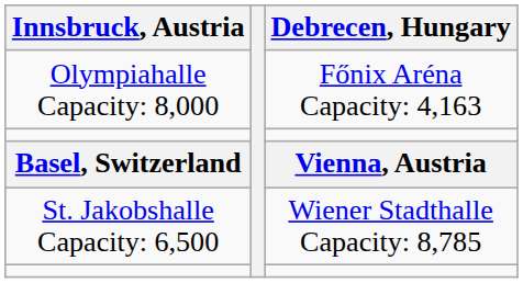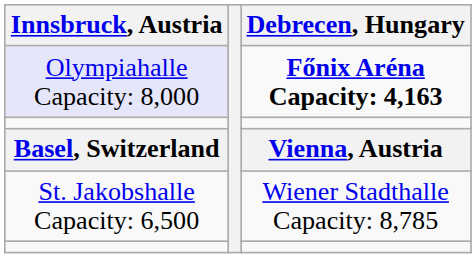 <table class="wikitable" style="text-align: center;">
 <tr>
 <th> <a href='#'>Innsbruck</a>, Austria</th>
 <th rowspan=6></th>
 <th> <a href='#'>Debrecen</a>, Hungary</th>
 </tr>
 <tr>
-<td><a href='#'>Olympiahalle</a><br>Capacity: 8,000</td>
-<td><a href='#'>Főnix Aréna</a><br>Capacity: 4,163</td>
+<td style="background: lavender;"><a href='#'>Olympiahalle</a><br>Capacity: 8,000</td>
+<td><strong><a href='#'>Főnix Aréna</a><br>Capacity: 4,163</strong></td>
 </tr>
 <tr>
 <td></td>
 <td></td>
 </tr>
 <tr>
 <th> <a href='#'>Basel</a>, Switzerland</th>
 <th> <a href='#'>Vienna</a>, Austria</th>
 </tr>
 <tr>
 <td><a href='#'>St. Jakobshalle</a><br>Capacity: 6,500</td>
 <td><a href='#'>Wiener Stadthalle</a><br>Capacity: 8,785</td>
 </tr>
 <tr>
 <td></td>
 <td></td>
 </tr>
 </table>
